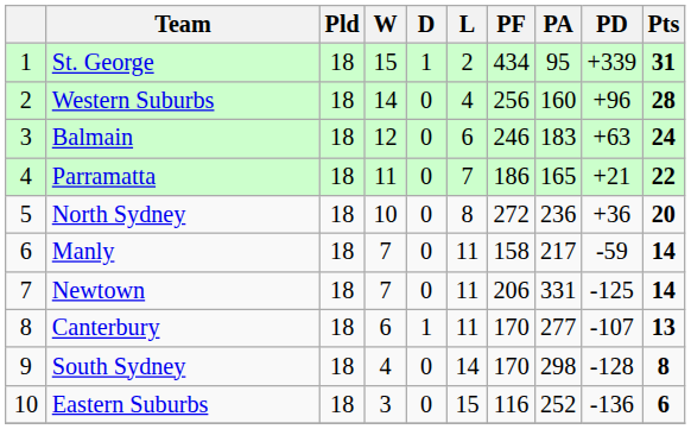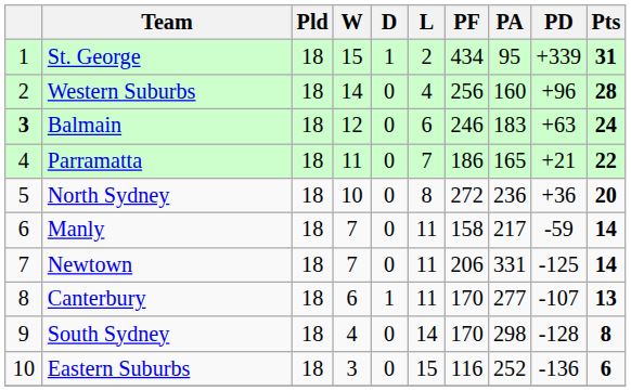 <table class="wikitable" style="text-align:center;">
 <tr>
 <th width=20 abbr="Position×"></th>
 <th width=175>Team</th>
 <th width=20 abbr="Played">Pld</th>
 <th width=20 abbr="Won">W</th>
 <th width=20 abbr="Drawn">D</th>
 <th width=20 abbr="Lost">L</th>
 <th width=20 abbr="Points for">PF</th>
 <th width=20 abbr="Points against">PA</th>
 <th width=20 abbr="Points difference">PD</th>
 <th width=20 abbr="Points">Pts</th>
 </tr>
 <tr style="background: #ccffcc;">
 <td>1</td>
 <td style="text-align:left;"> <a href='#'>St. George</a></td>
 <td>18</td>
 <td>15</td>
 <td>1</td>
 <td>2</td>
 <td>434</td>
 <td>95</td>
 <td>+339</td>
 <td><strong>31</strong></td>
 </tr>
 <tr style="background: #ccffcc;">
 <td>2</td>
 <td style="text-align:left;"> <a href='#'>Western Suburbs</a></td>
 <td>18</td>
 <td>14</td>
 <td>0</td>
 <td>4</td>
 <td>256</td>
 <td>160</td>
 <td>+96</td>
 <td><strong>28</strong></td>
 </tr>
 <tr style="background: #ccffcc;">
-<td>3</td>
+<td><strong>3</strong></td>
 <td style="text-align:left;"> <a href='#'>Balmain</a></td>
 <td>18</td>
 <td>12</td>
 <td>0</td>
 <td>6</td>
 <td>246</td>
 <td>183</td>
 <td>+63</td>
 <td><strong>24</strong></td>
 </tr>
 <tr style="background: #ccffcc;">
 <td>4</td>
 <td style="text-align:left;"> <a href='#'>Parramatta</a></td>
 <td>18</td>
 <td>11</td>
 <td>0</td>
 <td>7</td>
 <td>186</td>
 <td>165</td>
 <td>+21</td>
 <td><strong>22</strong></td>
 </tr>
 <tr>
 <td>5</td>
 <td style="text-align:left;"> <a href='#'>North Sydney</a></td>
 <td>18</td>
 <td>10</td>
 <td>0</td>
 <td>8</td>
 <td>272</td>
 <td>236</td>
 <td>+36</td>
 <td><strong>20</strong></td>
 </tr>
 <tr>
 <td>6</td>
 <td style="text-align:left;"> <a href='#'>Manly</a></td>
 <td>18</td>
 <td>7</td>
 <td>0</td>
 <td>11</td>
 <td>158</td>
 <td>217</td>
 <td>-59</td>
 <td><strong>14</strong></td>
 </tr>
 <tr>
 <td>7</td>
 <td style="text-align:left;"> <a href='#'>Newtown</a></td>
 <td>18</td>
 <td>7</td>
 <td>0</td>
 <td>11</td>
 <td>206</td>
 <td>331</td>
 <td>-125</td>
 <td><strong>14</strong></td>
 </tr>
 <tr>
 <td>8</td>
 <td style="text-align:left;"> <a href='#'>Canterbury</a></td>
 <td>18</td>
 <td>6</td>
 <td>1</td>
 <td>11</td>
 <td>170</td>
 <td>277</td>
 <td>-107</td>
 <td><strong>13</strong></td>
 </tr>
 <tr>
 <td>9</td>
 <td style="text-align:left;"> <a href='#'>South Sydney</a></td>
 <td>18</td>
 <td>4</td>
 <td>0</td>
 <td>14</td>
 <td>170</td>
 <td>298</td>
 <td>-128</td>
 <td><strong>8</strong></td>
 </tr>
 <tr>
 <td>10</td>
 <td style="text-align:left;"> <a href='#'>Eastern Suburbs</a></td>
 <td>18</td>
 <td>3</td>
 <td>0</td>
 <td>15</td>
 <td>116</td>
 <td>252</td>
 <td>-136</td>
 <td><strong>6</strong></td>
 </tr>
 <tr>
 </tr>
 </table>
